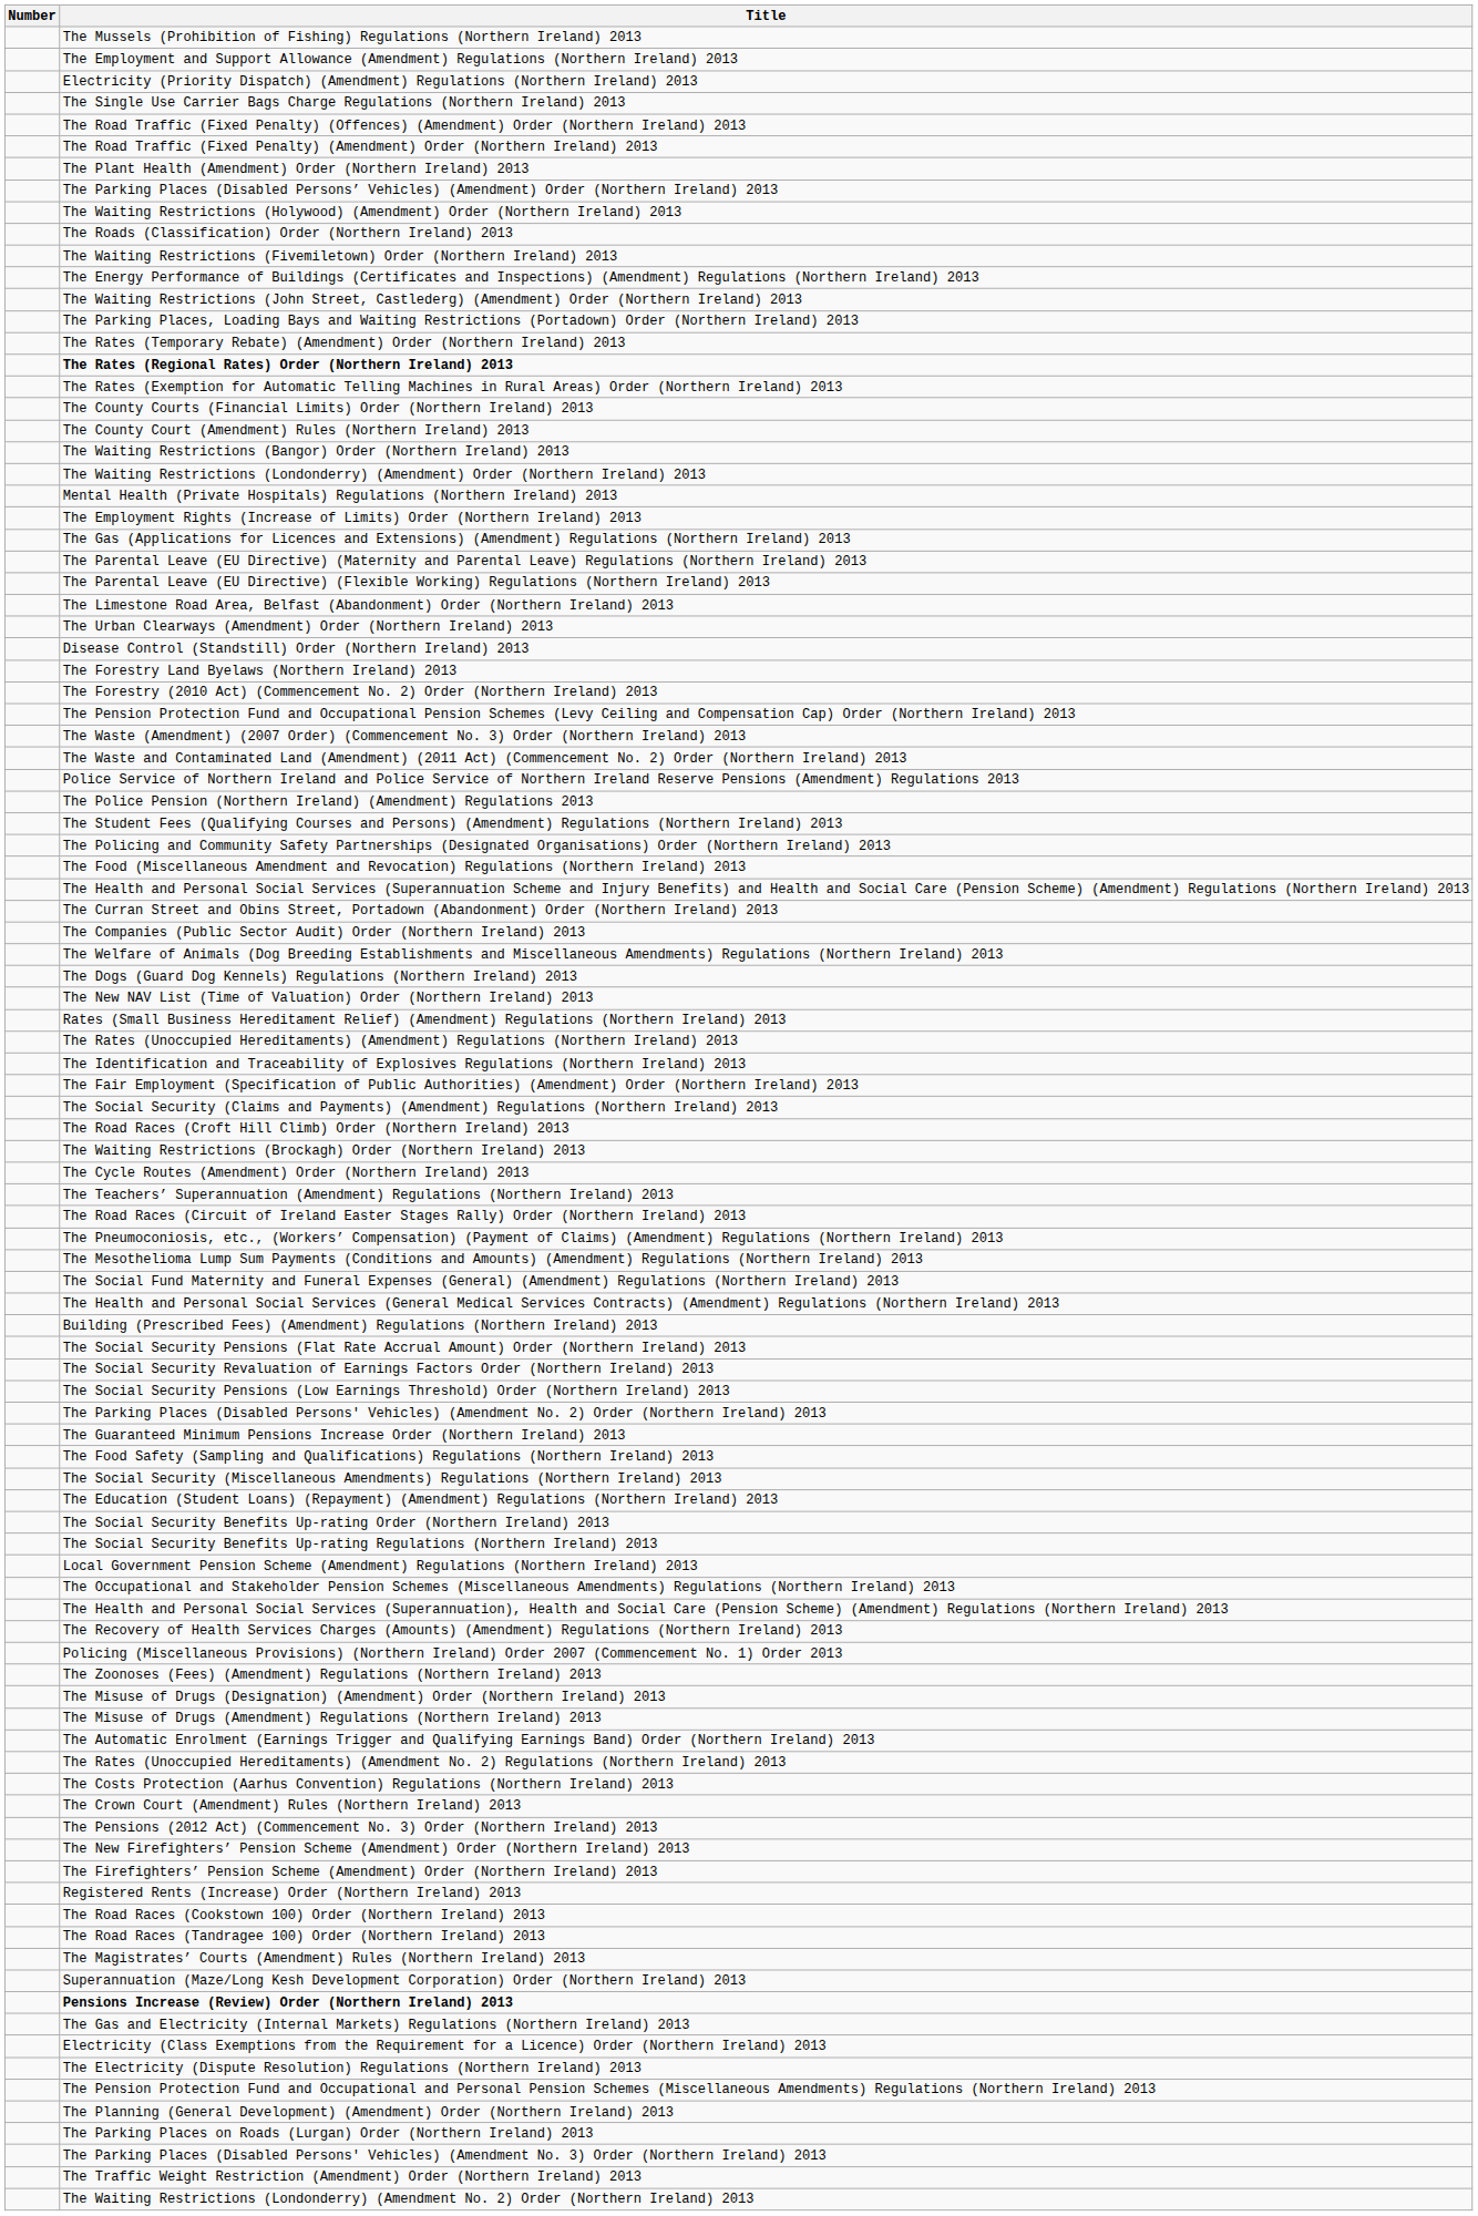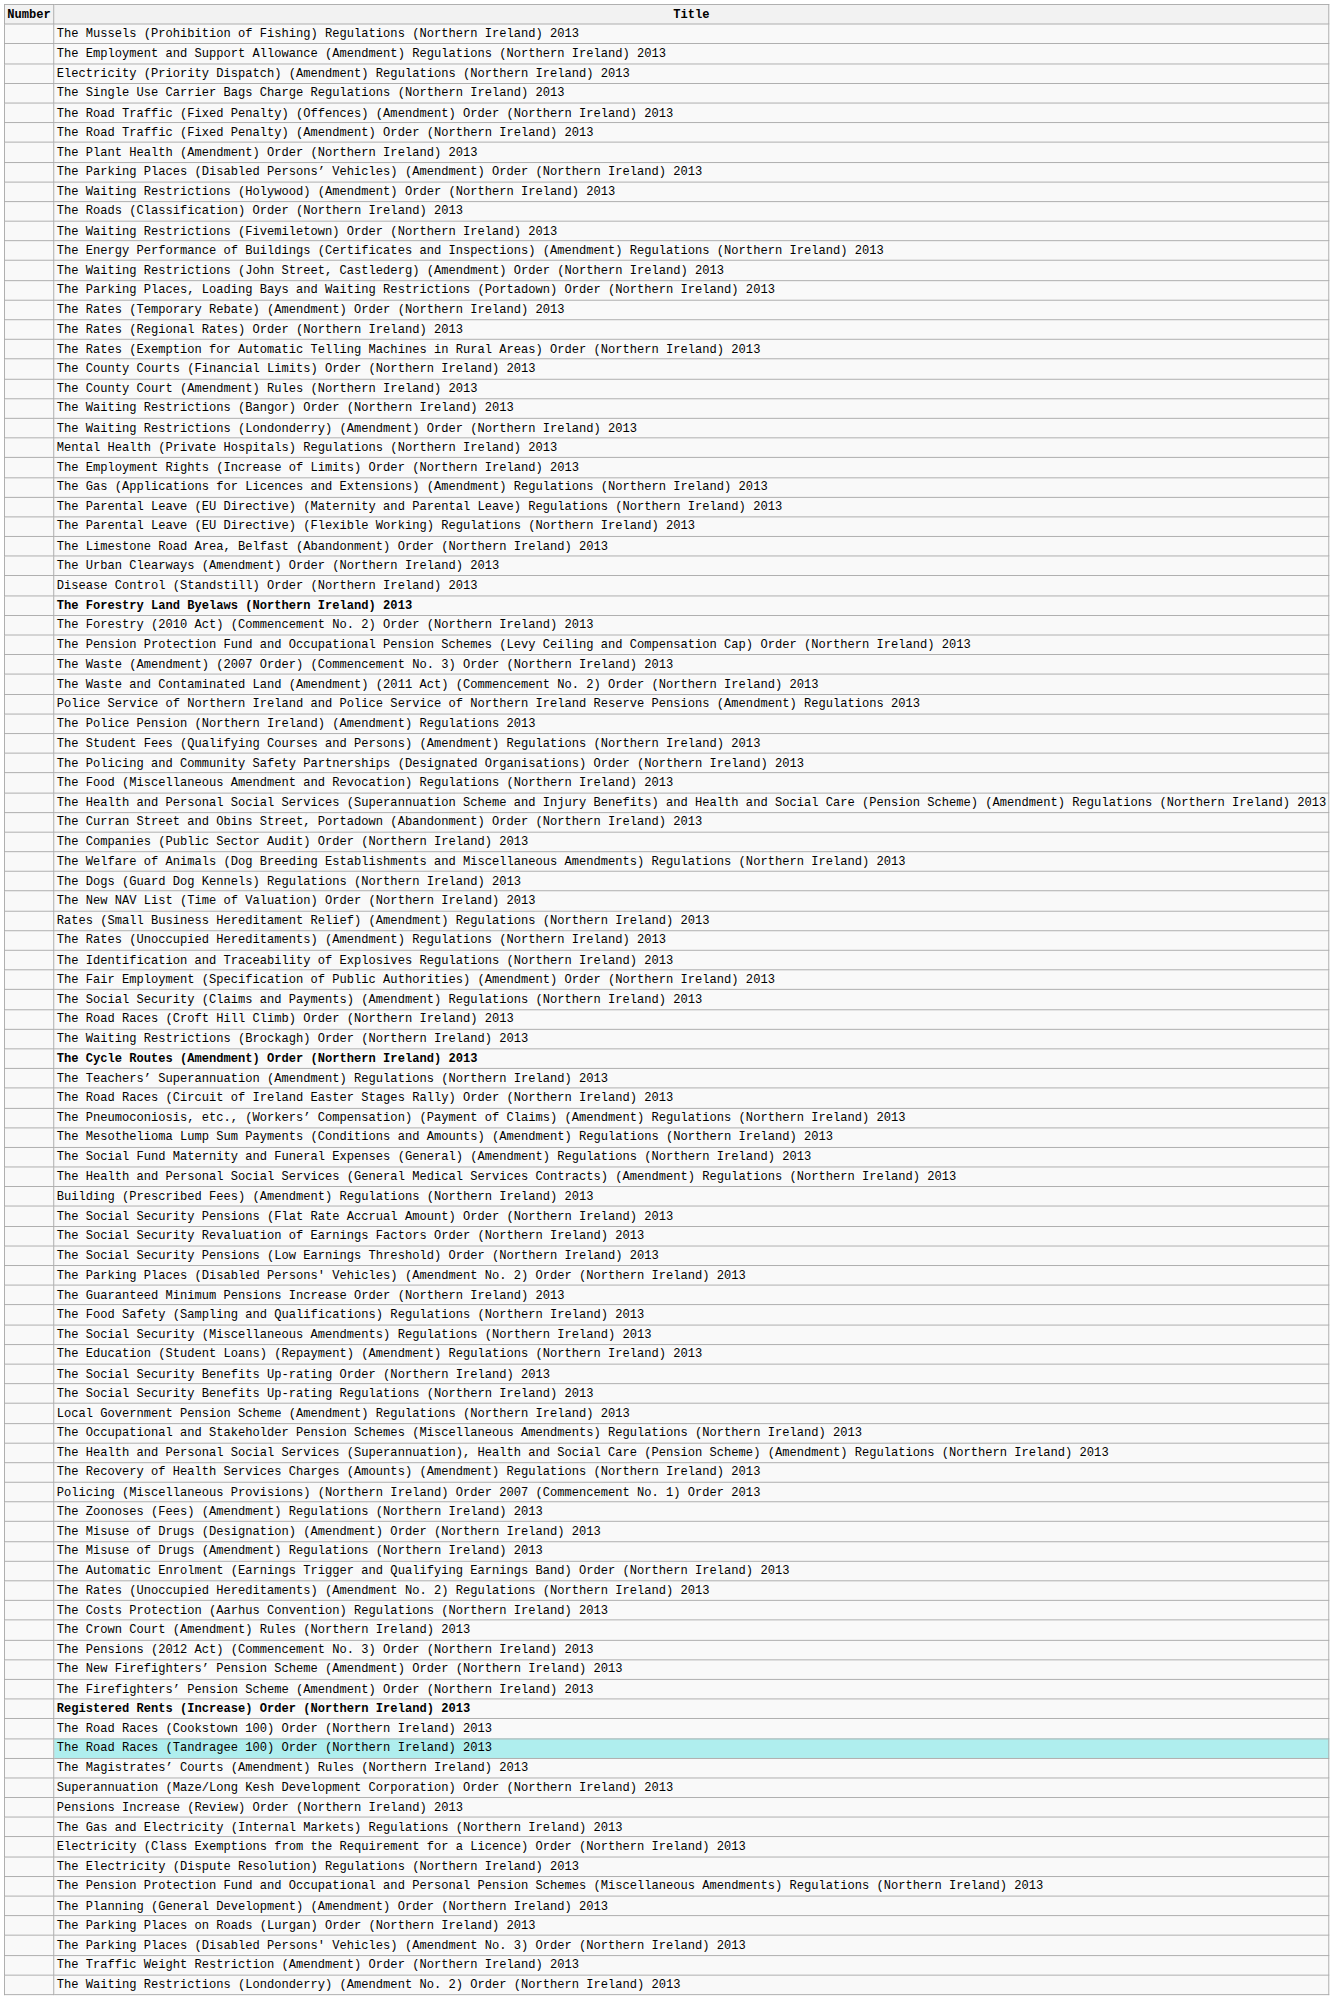 <table class="wikitable collapsible">
 <tr>
 <th>Number</th>
 <th>Title</th>
 </tr>
 <tr>
 <td></td>
 <td>The Mussels (Prohibition of Fishing) Regulations (Northern Ireland) 2013</td>
 </tr>
 <tr>
 <td></td>
 <td>The Employment and Support Allowance (Amendment) Regulations (Northern Ireland) 2013</td>
 </tr>
 <tr>
 <td></td>
 <td>Electricity (Priority Dispatch) (Amendment) Regulations (Northern Ireland) 2013</td>
 </tr>
 <tr>
 <td></td>
 <td>The Single Use Carrier Bags Charge Regulations (Northern Ireland) 2013</td>
 </tr>
 <tr>
 <td></td>
 <td>The Road Traffic (Fixed Penalty) (Offences) (Amendment) Order (Northern Ireland) 2013</td>
 </tr>
 <tr>
 <td></td>
 <td>The Road Traffic (Fixed Penalty) (Amendment) Order (Northern Ireland) 2013</td>
 </tr>
 <tr>
 <td></td>
 <td>The Plant Health (Amendment) Order (Northern Ireland) 2013</td>
 </tr>
 <tr>
 <td></td>
 <td>The Parking Places (Disabled Persons’ Vehicles) (Amendment) Order (Northern Ireland) 2013</td>
 </tr>
 <tr>
 <td></td>
 <td>The Waiting Restrictions (Holywood) (Amendment) Order (Northern Ireland) 2013</td>
 </tr>
 <tr>
 <td></td>
 <td>The Roads (Classification) Order (Northern Ireland) 2013</td>
 </tr>
 <tr>
 <td></td>
 <td>The Waiting Restrictions (Fivemiletown) Order (Northern Ireland) 2013</td>
 </tr>
 <tr>
 <td></td>
 <td>The Energy Performance of Buildings (Certificates and Inspections) (Amendment) Regulations (Northern Ireland) 2013</td>
 </tr>
 <tr>
 <td></td>
 <td>The Waiting Restrictions (John Street, Castlederg) (Amendment) Order (Northern Ireland) 2013</td>
 </tr>
 <tr>
 <td></td>
 <td>The Parking Places, Loading Bays and Waiting Restrictions (Portadown) Order (Northern Ireland) 2013</td>
 </tr>
 <tr>
 <td></td>
 <td>The Rates (Temporary Rebate) (Amendment) Order (Northern Ireland) 2013</td>
 </tr>
 <tr>
 <td></td>
-<td><strong>The Rates (Regional Rates) Order (Northern Ireland) 2013</strong></td>
+<td>The Rates (Regional Rates) Order (Northern Ireland) 2013</td>
 </tr>
 <tr>
 <td></td>
 <td>The Rates (Exemption for Automatic Telling Machines in Rural Areas) Order (Northern Ireland) 2013</td>
 </tr>
 <tr>
 <td></td>
 <td>The County Courts (Financial Limits) Order (Northern Ireland) 2013</td>
 </tr>
 <tr>
 <td></td>
 <td>The County Court (Amendment) Rules (Northern Ireland) 2013</td>
 </tr>
 <tr>
 <td></td>
 <td>The Waiting Restrictions (Bangor) Order (Northern Ireland) 2013</td>
 </tr>
 <tr>
 <td></td>
 <td>The Waiting Restrictions (Londonderry) (Amendment) Order (Northern Ireland) 2013</td>
 </tr>
 <tr>
 <td></td>
 <td>Mental Health (Private Hospitals) Regulations (Northern Ireland) 2013</td>
 </tr>
 <tr>
 <td></td>
 <td>The Employment Rights (Increase of Limits) Order (Northern Ireland) 2013</td>
 </tr>
 <tr>
 <td></td>
 <td>The Gas (Applications for Licences and Extensions) (Amendment) Regulations (Northern Ireland) 2013</td>
 </tr>
 <tr>
 <td></td>
 <td>The Parental Leave (EU Directive) (Maternity and Parental Leave) Regulations (Northern Ireland) 2013</td>
 </tr>
 <tr>
 <td></td>
 <td>The Parental Leave (EU Directive) (Flexible Working) Regulations (Northern Ireland) 2013</td>
 </tr>
 <tr>
 <td></td>
 <td>The Limestone Road Area, Belfast (Abandonment) Order (Northern Ireland) 2013</td>
 </tr>
 <tr>
 <td></td>
 <td>The Urban Clearways (Amendment) Order (Northern Ireland) 2013</td>
 </tr>
 <tr>
 <td></td>
 <td>Disease Control (Standstill) Order (Northern Ireland) 2013</td>
 </tr>
 <tr>
 <td></td>
-<td>The Forestry Land Byelaws (Northern Ireland) 2013</td>
+<td><strong>The Forestry Land Byelaws (Northern Ireland) 2013</strong></td>
 </tr>
 <tr>
 <td></td>
 <td>The Forestry (2010 Act) (Commencement No. 2) Order (Northern Ireland) 2013</td>
 </tr>
 <tr>
 <td></td>
 <td>The Pension Protection Fund and Occupational Pension Schemes (Levy Ceiling and Compensation Cap) Order (Northern Ireland) 2013</td>
 </tr>
 <tr>
 <td></td>
 <td>The Waste (Amendment) (2007 Order) (Commencement No. 3) Order (Northern Ireland) 2013</td>
 </tr>
 <tr>
 <td></td>
 <td>The Waste and Contaminated Land (Amendment) (2011 Act) (Commencement No. 2) Order (Northern Ireland) 2013</td>
 </tr>
 <tr>
 <td></td>
 <td>Police Service of Northern Ireland and Police Service of Northern Ireland Reserve Pensions (Amendment) Regulations 2013</td>
 </tr>
 <tr>
 <td></td>
 <td>The Police Pension (Northern Ireland) (Amendment) Regulations 2013</td>
 </tr>
 <tr>
 <td></td>
 <td>The Student Fees (Qualifying Courses and Persons) (Amendment) Regulations (Northern Ireland) 2013</td>
 </tr>
 <tr>
 <td></td>
 <td>The Policing and Community Safety Partnerships (Designated Organisations) Order (Northern Ireland) 2013</td>
 </tr>
 <tr>
 <td></td>
 <td>The Food (Miscellaneous Amendment and Revocation) Regulations (Northern Ireland) 2013</td>
 </tr>
 <tr>
 <td></td>
 <td>The Health and Personal Social Services (Superannuation Scheme and Injury Benefits) and Health and Social Care (Pension Scheme) (Amendment) Regulations (Northern Ireland) 2013</td>
 </tr>
 <tr>
 <td></td>
 <td>The Curran Street and Obins Street, Portadown (Abandonment) Order (Northern Ireland) 2013</td>
 </tr>
 <tr>
 <td></td>
 <td>The Companies (Public Sector Audit) Order (Northern Ireland) 2013</td>
 </tr>
 <tr>
 <td></td>
 <td>The Welfare of Animals (Dog Breeding Establishments and Miscellaneous Amendments) Regulations (Northern Ireland) 2013</td>
 </tr>
 <tr>
 <td></td>
 <td>The Dogs (Guard Dog Kennels) Regulations (Northern Ireland) 2013</td>
 </tr>
 <tr>
 <td></td>
 <td>The New NAV List (Time of Valuation) Order (Northern Ireland) 2013</td>
 </tr>
 <tr>
 <td></td>
 <td>Rates (Small Business Hereditament Relief) (Amendment) Regulations (Northern Ireland) 2013</td>
 </tr>
 <tr>
 <td></td>
 <td>The Rates (Unoccupied Hereditaments) (Amendment) Regulations (Northern Ireland) 2013</td>
 </tr>
 <tr>
 <td></td>
 <td>The Identification and Traceability of Explosives Regulations (Northern Ireland) 2013</td>
 </tr>
 <tr>
 <td></td>
 <td>The Fair Employment (Specification of Public Authorities) (Amendment) Order (Northern Ireland) 2013</td>
 </tr>
 <tr>
 <td></td>
 <td>The Social Security (Claims and Payments) (Amendment) Regulations (Northern Ireland) 2013</td>
 </tr>
 <tr>
 <td></td>
 <td>The Road Races (Croft Hill Climb) Order (Northern Ireland) 2013</td>
 </tr>
 <tr>
 <td></td>
 <td>The Waiting Restrictions (Brockagh) Order (Northern Ireland) 2013</td>
 </tr>
 <tr>
 <td></td>
-<td>The Cycle Routes (Amendment) Order (Northern Ireland) 2013</td>
+<td><strong>The Cycle Routes (Amendment) Order (Northern Ireland) 2013</strong></td>
 </tr>
 <tr>
 <td></td>
 <td>The Teachers’ Superannuation (Amendment) Regulations (Northern Ireland) 2013</td>
 </tr>
 <tr>
 <td></td>
 <td>The Road Races (Circuit of Ireland Easter Stages Rally) Order (Northern Ireland) 2013</td>
 </tr>
 <tr>
 <td></td>
 <td>The Pneumoconiosis, etc., (Workers’ Compensation) (Payment of Claims) (Amendment) Regulations (Northern Ireland) 2013</td>
 </tr>
 <tr>
 <td></td>
 <td>The Mesothelioma Lump Sum Payments (Conditions and Amounts) (Amendment) Regulations (Northern Ireland) 2013</td>
 </tr>
 <tr>
 <td></td>
 <td>The Social Fund Maternity and Funeral Expenses (General) (Amendment) Regulations (Northern Ireland) 2013</td>
 </tr>
 <tr>
 <td></td>
 <td>The Health and Personal Social Services (General Medical Services Contracts) (Amendment) Regulations (Northern Ireland) 2013</td>
 </tr>
 <tr>
 <td></td>
 <td>Building (Prescribed Fees) (Amendment) Regulations (Northern Ireland) 2013</td>
 </tr>
 <tr>
 <td></td>
 <td>The Social Security Pensions (Flat Rate Accrual Amount) Order (Northern Ireland) 2013</td>
 </tr>
 <tr>
 <td></td>
 <td>The Social Security Revaluation of Earnings Factors Order (Northern Ireland) 2013</td>
 </tr>
 <tr>
 <td></td>
 <td>The Social Security Pensions (Low Earnings Threshold) Order (Northern Ireland) 2013</td>
 </tr>
 <tr>
 <td></td>
 <td>The Parking Places (Disabled Persons' Vehicles) (Amendment No. 2) Order (Northern Ireland) 2013</td>
 </tr>
 <tr>
 <td></td>
 <td>The Guaranteed Minimum Pensions Increase Order (Northern Ireland) 2013</td>
 </tr>
 <tr>
 <td></td>
 <td>The Food Safety (Sampling and Qualifications) Regulations (Northern Ireland) 2013</td>
 </tr>
 <tr>
 <td></td>
 <td>The Social Security (Miscellaneous Amendments) Regulations (Northern Ireland) 2013</td>
 </tr>
 <tr>
 <td></td>
 <td>The Education (Student Loans) (Repayment) (Amendment) Regulations (Northern Ireland) 2013</td>
 </tr>
 <tr>
 <td></td>
 <td>The Social Security Benefits Up-rating Order (Northern Ireland) 2013</td>
 </tr>
 <tr>
 <td></td>
 <td>The Social Security Benefits Up-rating Regulations (Northern Ireland) 2013</td>
 </tr>
 <tr>
 <td></td>
 <td>Local Government Pension Scheme (Amendment) Regulations (Northern Ireland) 2013</td>
 </tr>
 <tr>
 <td></td>
 <td>The Occupational and Stakeholder Pension Schemes (Miscellaneous Amendments) Regulations (Northern Ireland) 2013</td>
 </tr>
 <tr>
 <td></td>
 <td>The Health and Personal Social Services (Superannuation), Health and Social Care (Pension Scheme) (Amendment) Regulations (Northern Ireland) 2013</td>
 </tr>
 <tr>
 <td></td>
 <td>The Recovery of Health Services Charges (Amounts) (Amendment) Regulations (Northern Ireland) 2013</td>
 </tr>
 <tr>
 <td></td>
 <td>Policing (Miscellaneous Provisions) (Northern Ireland) Order 2007 (Commencement No. 1) Order 2013</td>
 </tr>
 <tr>
 <td></td>
 <td>The Zoonoses (Fees) (Amendment) Regulations (Northern Ireland) 2013</td>
 </tr>
 <tr>
 <td></td>
 <td>The Misuse of Drugs (Designation) (Amendment) Order (Northern Ireland) 2013</td>
 </tr>
 <tr>
 <td></td>
 <td>The Misuse of Drugs (Amendment) Regulations (Northern Ireland) 2013</td>
 </tr>
 <tr>
 <td></td>
 <td>The Automatic Enrolment (Earnings Trigger and Qualifying Earnings Band) Order (Northern Ireland) 2013</td>
 </tr>
 <tr>
 <td></td>
 <td>The Rates (Unoccupied Hereditaments) (Amendment No. 2) Regulations (Northern Ireland) 2013</td>
 </tr>
 <tr>
 <td></td>
 <td>The Costs Protection (Aarhus Convention) Regulations (Northern Ireland) 2013</td>
 </tr>
 <tr>
 <td></td>
 <td>The Crown Court (Amendment) Rules (Northern Ireland) 2013</td>
 </tr>
 <tr>
 <td></td>
 <td>The Pensions (2012 Act) (Commencement No. 3) Order (Northern Ireland) 2013</td>
 </tr>
 <tr>
 <td></td>
 <td>The New Firefighters’ Pension Scheme (Amendment) Order (Northern Ireland) 2013</td>
 </tr>
 <tr>
 <td></td>
 <td>The Firefighters’ Pension Scheme (Amendment) Order (Northern Ireland) 2013</td>
 </tr>
 <tr>
 <td></td>
-<td>Registered Rents (Increase) Order (Northern Ireland) 2013</td>
+<td><strong>Registered Rents (Increase) Order (Northern Ireland) 2013</strong></td>
 </tr>
 <tr>
 <td></td>
 <td>The Road Races (Cookstown 100) Order (Northern Ireland) 2013</td>
 </tr>
 <tr>
 <td></td>
-<td>The Road Races (Tandragee 100) Order (Northern Ireland) 2013</td>
+<td style="background: paleturquoise;">The Road Races (Tandragee 100) Order (Northern Ireland) 2013</td>
 </tr>
 <tr>
 <td></td>
 <td>The Magistrates’ Courts (Amendment) Rules (Northern Ireland) 2013</td>
 </tr>
 <tr>
 <td></td>
 <td>Superannuation (Maze/Long Kesh Development Corporation) Order (Northern Ireland) 2013</td>
 </tr>
 <tr>
 <td></td>
-<td><strong>Pensions Increase (Review) Order (Northern Ireland) 2013</strong></td>
+<td>Pensions Increase (Review) Order (Northern Ireland) 2013</td>
 </tr>
 <tr>
 <td></td>
 <td>The Gas and Electricity (Internal Markets) Regulations (Northern Ireland) 2013</td>
 </tr>
 <tr>
 <td></td>
 <td>Electricity (Class Exemptions from the Requirement for a Licence) Order (Northern Ireland) 2013</td>
 </tr>
 <tr>
 <td></td>
 <td>The Electricity (Dispute Resolution) Regulations (Northern Ireland) 2013</td>
 </tr>
 <tr>
 <td></td>
 <td>The Pension Protection Fund and Occupational and Personal Pension Schemes (Miscellaneous Amendments) Regulations (Northern Ireland) 2013</td>
 </tr>
 <tr>
 <td></td>
 <td>The Planning (General Development) (Amendment) Order (Northern Ireland) 2013</td>
 </tr>
 <tr>
 <td></td>
 <td>The Parking Places on Roads (Lurgan) Order (Northern Ireland) 2013</td>
 </tr>
 <tr>
 <td></td>
 <td>The Parking Places (Disabled Persons' Vehicles) (Amendment No. 3) Order (Northern Ireland) 2013</td>
 </tr>
 <tr>
 <td></td>
 <td>The Traffic Weight Restriction (Amendment) Order (Northern Ireland) 2013</td>
 </tr>
 <tr>
 <td></td>
 <td>The Waiting Restrictions (Londonderry) (Amendment No. 2) Order (Northern Ireland) 2013</td>
 </tr>
 </table>
